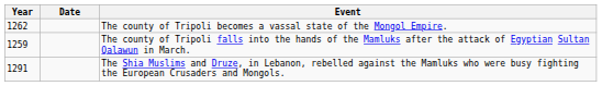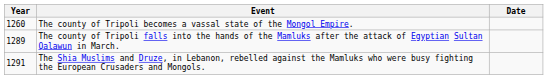 <table class="wikitable" width="100%">
 <tr>
 <th style="width:6%">Year</th>
+<th>Event</th>
 <th style="width:10%">Date</th>
-<th>Event</th>
 </tr>
 <tr>
-<td>1262</td>
+<td>1260</td>
+<td>The county of Tripoli becomes a vassal state of the <a href='#'>Mongol Empire</a>.</td>
 <td></td>
-<td>The county of Tripoli becomes a vassal state of the <a href='#'>Mongol Empire</a>.</td>
 </tr>
 <tr>
-<td>1259</td>
+<td>1289</td>
+<td>The county of Tripoli <a href='#'>falls</a> into the hands of the <a href='#'>Mamluks</a> after the attack of <a href='#'>Egyptian</a> <a href='#'>Sultan</a> <a href='#'>Qalawun</a> in March.</td>
 <td></td>
-<td>The county of Tripoli <a href='#'>falls</a> into the hands of the <a href='#'>Mamluks</a> after the attack of <a href='#'>Egyptian</a> <a href='#'>Sultan</a> <a href='#'>Qalawun</a> in March.</td>
 </tr>
 <tr>
 <td>1291</td>
+<td>The <a href='#'>Shia Muslims</a> and <a href='#'>Druze</a>, in Lebanon, rebelled against the Mamluks who were busy fighting the European Crusaders and Mongols.</td>
 <td></td>
-<td>The <a href='#'>Shia Muslims</a> and <a href='#'>Druze</a>, in Lebanon, rebelled against the Mamluks who were busy fighting the European Crusaders and Mongols.</td>
 </tr>
 </table>
